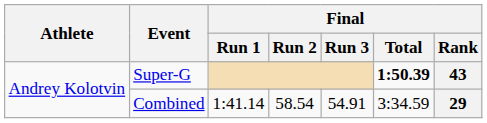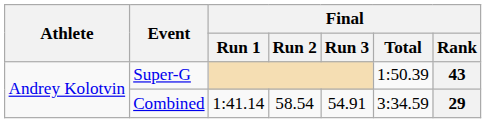 <table class="wikitable" style="font-size:90%">
 <tr>
 <th rowspan="2">Athlete</th>
 <th rowspan="2">Event</th>
 <th colspan="5">Final</th>
 </tr>
 <tr>
 <th>Run 1</th>
 <th>Run 2</th>
 <th>Run 3</th>
 <th>Total</th>
 <th>Rank</th>
 </tr>
 <tr>
 <td rowspan=2><a href='#'>Andrey Kolotvin</a></td>
 <td><a href='#'>Super-G</a></td>
 <td colspan=3 bgcolor="wheat"></td>
-<td align="center"><strong>1:50.39</strong></td>
+<td align="center">1:50.39</td>
 <th align="center">43</th>
 </tr>
 <tr>
 <td><a href='#'>Combined</a></td>
 <td align="center">1:41.14</td>
 <td align="center">58.54</td>
 <td align="center">54.91</td>
 <td align="center">3:34.59</td>
 <th align="center">29</th>
 </tr>
 </table>
